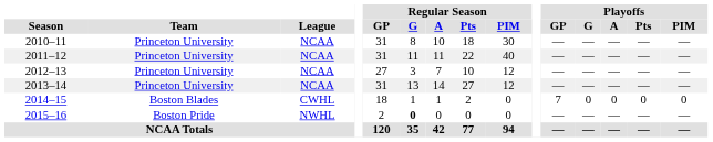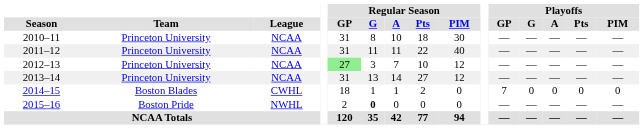 <table border="0" cellpadding="1" cellspacing="0" style="text-align:center; width:75%">
 <tr bgcolor="#e0e0e0">
 <th colspan="3"  bgcolor="#ffffff"> </th>
 <th rowspan="99" bgcolor="#ffffff"> </th>
 <th colspan="5">Regular Season</th>
 <th rowspan="99" bgcolor="#ffffff"> </th>
 <th colspan="5">Playoffs</th>
 </tr>
 <tr bgcolor="#e0e0e0">
 <th>Season</th>
 <th>Team</th>
 <th>League</th>
 <th>GP</th>
 <th><a href='#'>G</a></th>
 <th><a href='#'>A</a></th>
 <th><a href='#'>Pts</a></th>
 <th><a href='#'>PIM</a></th>
 <th>GP</th>
 <th>G</th>
 <th>A</th>
 <th>Pts</th>
 <th>PIM</th>
 </tr>
 <tr>
 <td>2010–11</td>
 <td><a href='#'>Princeton University</a></td>
 <td><a href='#'>NCAA</a></td>
 <td>31</td>
 <td>8</td>
 <td>10</td>
 <td>18</td>
 <td>30</td>
 <td>—</td>
 <td>—</td>
 <td>—</td>
 <td>—</td>
 <td>—</td>
 </tr>
 <tr bgcolor="#f0f0f0">
 <td>2011–12</td>
 <td><a href='#'>Princeton University</a></td>
 <td><a href='#'>NCAA</a></td>
 <td>31</td>
 <td>11</td>
 <td>11</td>
 <td>22</td>
 <td>40</td>
 <td>—</td>
 <td>—</td>
 <td>—</td>
 <td>—</td>
 <td>—</td>
 </tr>
 <tr>
 <td>2012–13</td>
 <td><a href='#'>Princeton University</a></td>
 <td><a href='#'>NCAA</a></td>
-<td>27</td>
+<td style="background: lightgreen;">27</td>
 <td>3</td>
 <td>7</td>
 <td>10</td>
 <td>12</td>
 <td>—</td>
 <td>—</td>
 <td>—</td>
 <td>—</td>
 <td>—</td>
 </tr>
 <tr bgcolor="#f0f0f0">
 <td>2013–14</td>
 <td><a href='#'>Princeton University</a></td>
 <td><a href='#'>NCAA</a></td>
 <td>31</td>
 <td>13</td>
 <td>14</td>
 <td>27</td>
 <td>12</td>
 <td>—</td>
 <td>—</td>
 <td>—</td>
 <td>—</td>
 <td>—</td>
 </tr>
 <tr>
 <td><a href='#'>2014–15</a></td>
 <td><a href='#'>Boston Blades</a></td>
 <td><a href='#'>CWHL</a></td>
 <td>18</td>
 <td>1</td>
 <td>1</td>
 <td>2</td>
 <td>0</td>
 <td>7</td>
 <td>0</td>
 <td>0</td>
 <td>0</td>
 <td>0</td>
 </tr>
 <tr>
 <td><a href='#'>2015–16</a></td>
 <td><a href='#'>Boston Pride</a></td>
 <td><a href='#'>NWHL</a></td>
 <td>2</td>
 <td><strong>0</strong></td>
 <td>0</td>
 <td>0</td>
 <td>0</td>
 <td>—</td>
 <td>—</td>
 <td>—</td>
 <td>—</td>
 <td>—</td>
 </tr>
 <tr>
 </tr>
 <tr bgcolor="#e0e0e0">
 <th colspan="3">NCAA Totals</th>
 <th>120</th>
 <th>35</th>
 <th>42</th>
 <th>77</th>
 <th>94</th>
 <th>—</th>
 <th>—</th>
 <th>—</th>
 <th>—</th>
 <th>—</th>
 </tr>
 </table>
